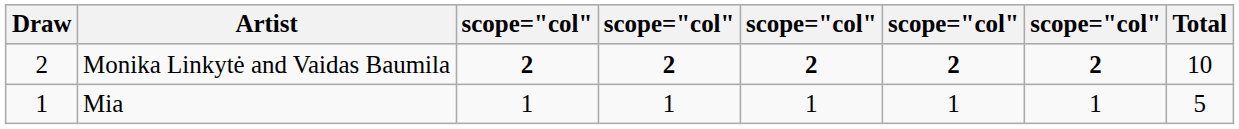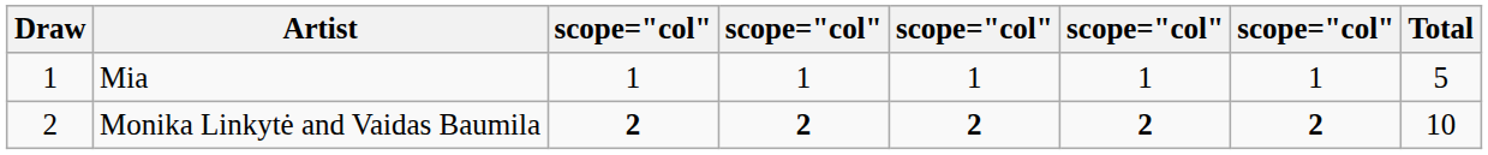 <table class="wikitable collapsible" style="margin: 1em auto 1em auto; text-align:center;">
 <tr>
 <th>Draw</th>
 <th>Artist</th>
 <th>scope="col" </th>
 <th>scope="col" </th>
 <th>scope="col" </th>
 <th>scope="col" </th>
 <th>scope="col" </th>
 <th>Total</th>
 </tr>
 <tr>
+<td>1</td>
+<td align="left">Mia</td>
+<td>1</td>
+<td>1</td>
+<td>1</td>
+<td>1</td>
+<td>1</td>
+<td>5</td>
+</tr>
+<tr>
 <td>2</td>
 <td align="left">Monika Linkytė and Vaidas Baumila</td>
 <td><strong>2</strong></td>
 <td><strong>2</strong></td>
 <td><strong>2</strong></td>
 <td><strong>2</strong></td>
 <td><strong>2</strong></td>
 <td>10</td>
 </tr>
-<tr>
-<td>1</td>
-<td align="left">Mia</td>
-<td>1</td>
-<td>1</td>
-<td>1</td>
-<td>1</td>
-<td>1</td>
-<td>5</td>
-</tr>
 </table>
